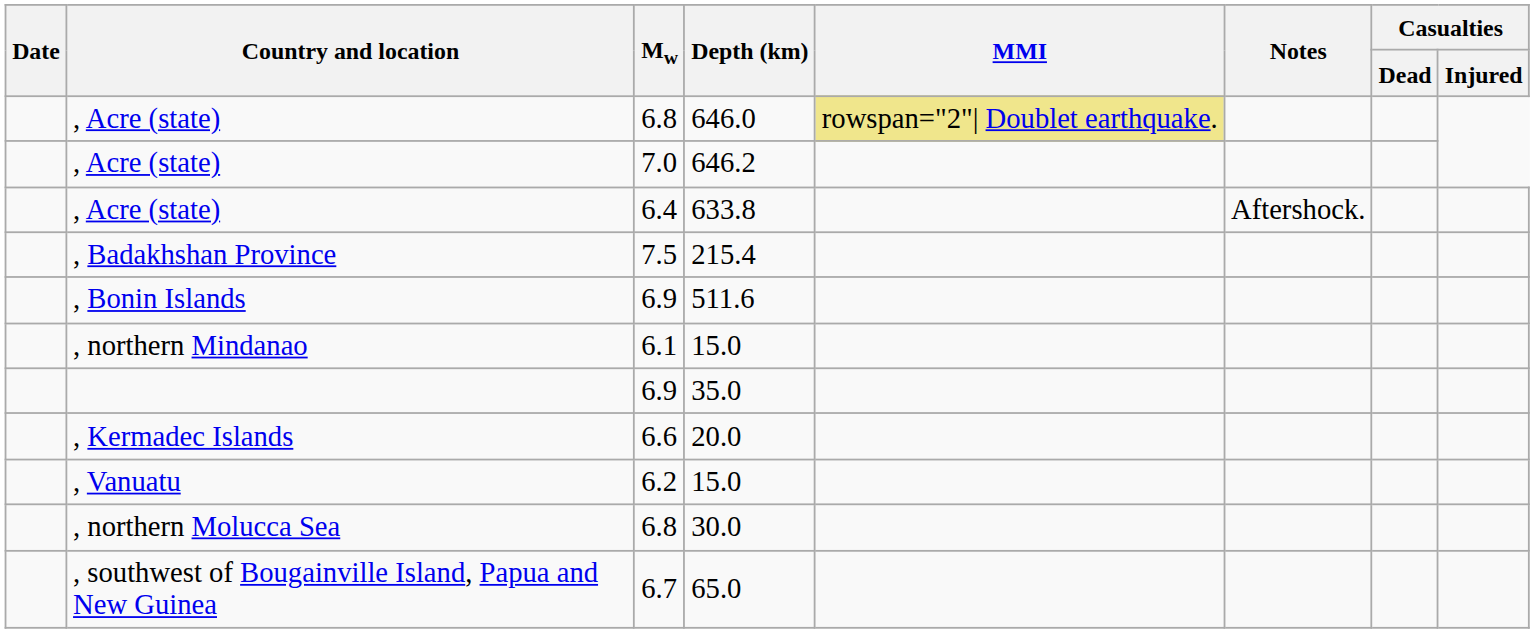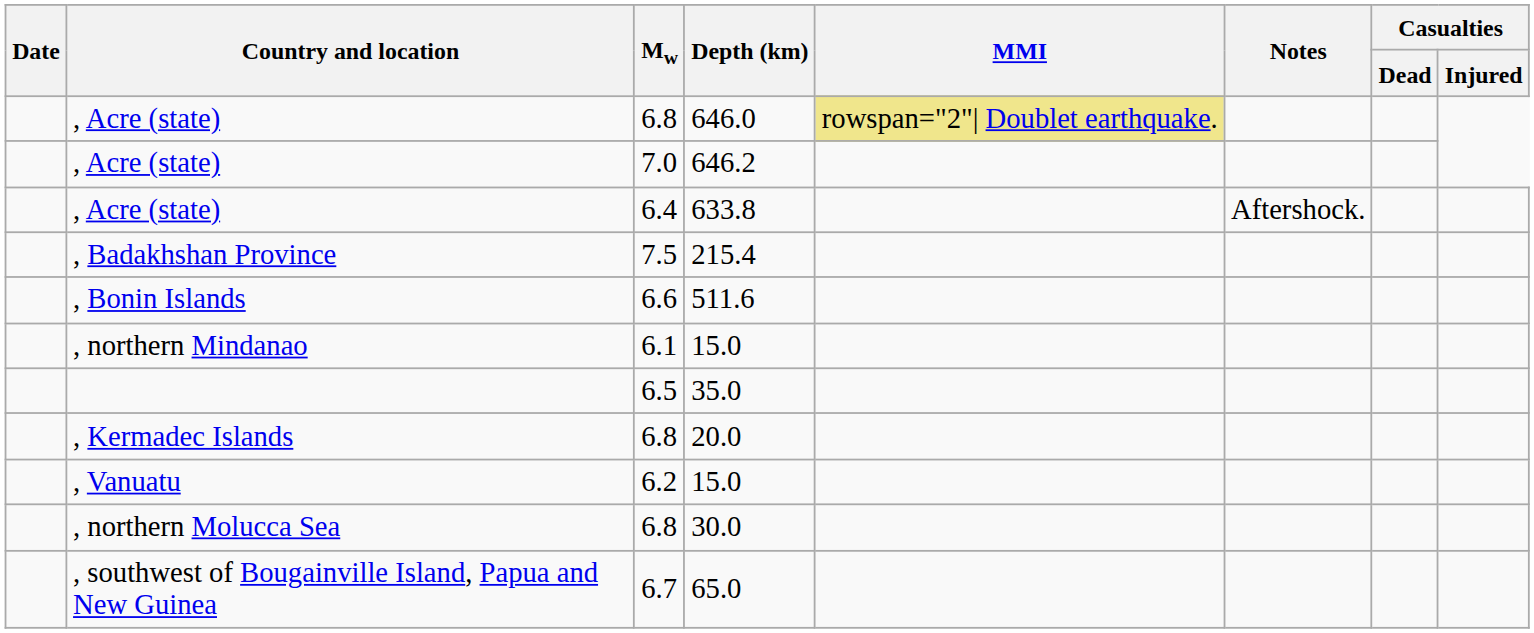 <table class="wikitable sortable sort-under" style="border:1px black; margin-left:1em;">
 <tr>
 <th rowspan="2"><small>Date</small></th>
 <th rowspan="2" style="width: 310px"><small>Country and location</small></th>
 <th rowspan="2"><small>M<sub>w</sub></small></th>
 <th rowspan="2"><small>Depth (km)</small></th>
 <th rowspan="2"><small><a href='#'>MMI</a></small></th>
 <th rowspan="2" class="unsortable"><small>Notes</small></th>
 <th colspan="2"><small>Casualties</small></th>
 </tr>
 <tr>
 <th><small>Dead</small></th>
 <th><small>Injured</small></th>
 </tr>
 <tr>
 <td></td>
 <td>, <a href='#'>Acre (state)</a></td>
 <td>6.8</td>
 <td>646.0</td>
 <td style="background: khaki;">rowspan="2"| <a href='#'>Doublet earthquake</a>.</td>
 <td></td>
 <td></td>
 </tr>
 <tr>
 <td></td>
 <td>, <a href='#'>Acre (state)</a></td>
 <td>7.0</td>
 <td>646.2</td>
 <td></td>
 <td></td>
 <td></td>
 </tr>
 <tr>
 <td></td>
 <td>, <a href='#'>Acre (state)</a></td>
 <td>6.4</td>
 <td>633.8</td>
 <td></td>
 <td>Aftershock.</td>
 <td></td>
 <td></td>
 </tr>
 <tr>
 <td></td>
 <td>, <a href='#'>Badakhshan Province</a></td>
 <td>7.5</td>
 <td>215.4</td>
 <td></td>
 <td></td>
 <td></td>
 <td></td>
 </tr>
 <tr>
 <td></td>
 <td>, <a href='#'>Bonin Islands</a></td>
-<td>6.9</td>
+<td>6.6</td>
 <td>511.6</td>
 <td></td>
 <td></td>
 <td></td>
 <td></td>
 </tr>
 <tr>
 <td></td>
 <td>, northern <a href='#'>Mindanao</a></td>
 <td>6.1</td>
 <td>15.0</td>
 <td></td>
 <td></td>
 <td></td>
 <td></td>
 </tr>
 <tr>
 <td></td>
 <td></td>
-<td>6.9</td>
+<td>6.5</td>
 <td>35.0</td>
 <td></td>
 <td></td>
 <td></td>
 <td></td>
 </tr>
 <tr>
 <td></td>
 <td>, <a href='#'>Kermadec Islands</a></td>
-<td>6.6</td>
+<td>6.8</td>
 <td>20.0</td>
 <td></td>
 <td></td>
 <td></td>
 <td></td>
 </tr>
 <tr>
 <td></td>
 <td>, <a href='#'>Vanuatu</a></td>
 <td>6.2</td>
 <td>15.0</td>
 <td></td>
 <td></td>
 <td></td>
 <td></td>
 </tr>
 <tr>
 <td></td>
 <td>, northern <a href='#'>Molucca Sea</a></td>
 <td>6.8</td>
 <td>30.0</td>
 <td></td>
 <td></td>
 <td></td>
 <td></td>
 </tr>
 <tr>
 <td></td>
 <td>, southwest of <a href='#'>Bougainville Island</a>, <a href='#'>Papua and New Guinea</a></td>
 <td>6.7</td>
 <td>65.0</td>
 <td></td>
 <td></td>
 <td></td>
 <td></td>
 </tr>
 </table>
